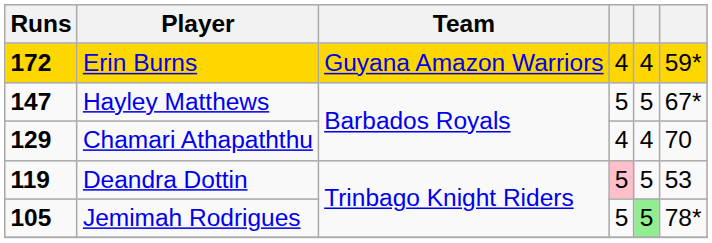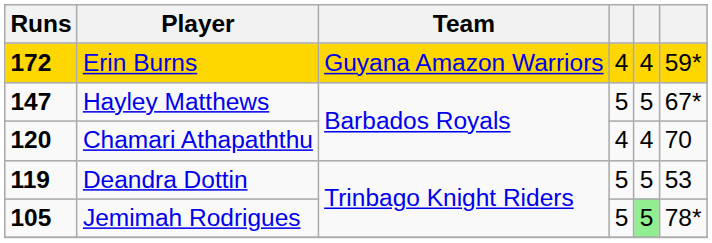 <table class="wikitable">
 <tr>
 <th>Runs</th>
 <th class="unsortable">Player</th>
 <th>Team</th>
 <th></th>
 <th></th>
 <th></th>
 </tr>
 <tr style="background:Gold;">
 <td><strong>172</strong></td>
 <td><a href='#'>Erin Burns</a></td>
 <td><a href='#'>Guyana Amazon Warriors</a></td>
 <td>4</td>
 <td>4</td>
 <td>59*</td>
 </tr>
 <tr>
 <td><strong>147</strong></td>
 <td><a href='#'>Hayley Matthews</a></td>
 <td rowspan=2><a href='#'>Barbados Royals</a></td>
 <td>5</td>
 <td>5</td>
 <td>67*</td>
 </tr>
 <tr>
-<td><strong>129</strong></td>
+<td><strong>120</strong></td>
 <td><a href='#'>Chamari Athapaththu</a></td>
 <td>4</td>
 <td>4</td>
 <td>70</td>
 </tr>
 <tr>
 <td><strong>119</strong></td>
 <td><a href='#'>Deandra Dottin</a></td>
 <td rowspan=2><a href='#'>Trinbago Knight Riders</a></td>
-<td style="background: pink;">5</td>
+<td>5</td>
 <td>5</td>
 <td>53</td>
 </tr>
 <tr>
 <td><strong>105</strong></td>
 <td><a href='#'>Jemimah Rodrigues</a></td>
 <td>5</td>
 <td style="background: lightgreen;">5</td>
 <td>78*</td>
 </tr>
 <tr>
 </tr>
 </table>
